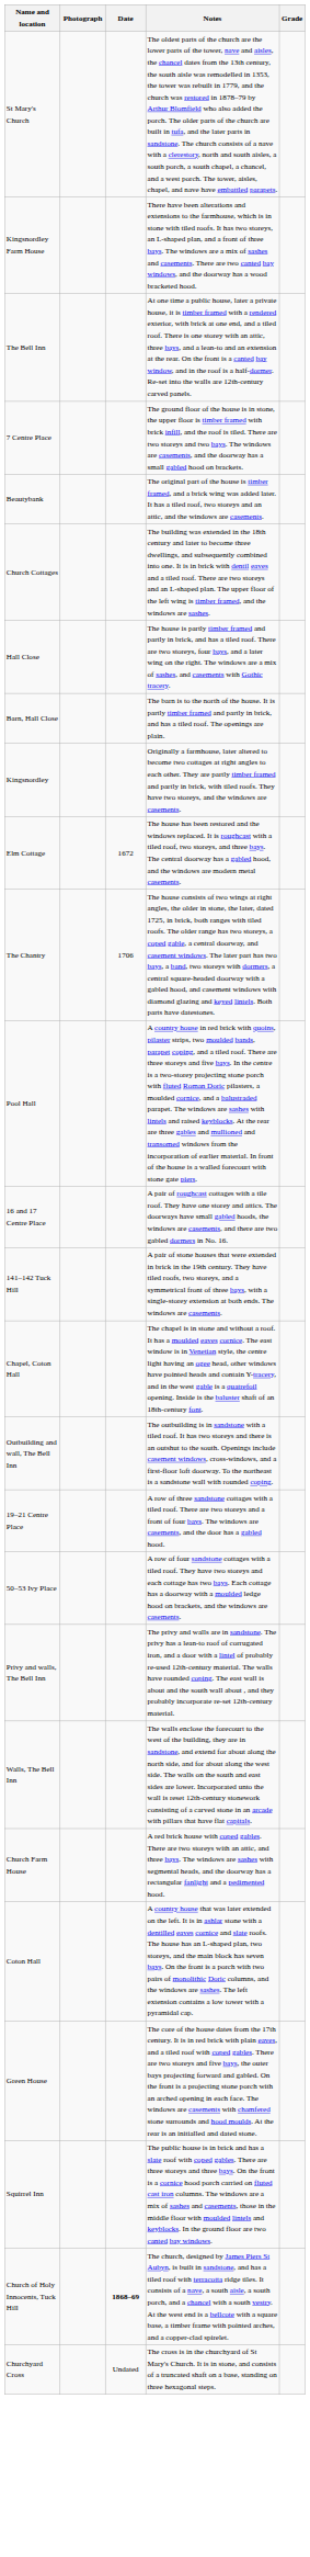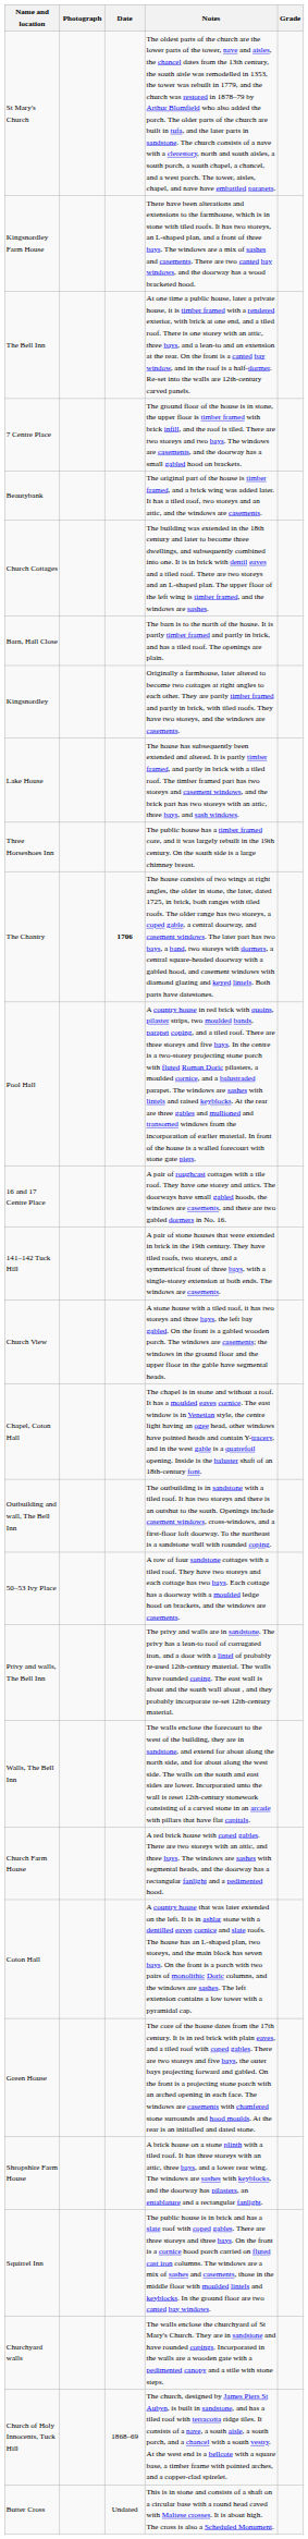 <table class="wikitable sortable plainrowheaders" style="width:100%; border:0; text-align:left; line-height:150%;">
 <tr>
 <th scope="col"  style="width:150px">Name and location</th>
 <th scope="col"  style="width:100px" class="unsortable">Photograph</th>
 <th scope="col"  style="width:120px">Date</th>
 <th scope="col"  style="width:650px" class="unsortable">Notes</th>
 <th scope="col"  style="width:50px">Grade</th>
 </tr>
 <tr>
 <td>St Mary's Church<br><small></small></td>
 <td></td>
 <td align="center"></td>
 <td>The oldest parts of the church are the lower parts of the tower, <a href='#'>nave</a> and <a href='#'>aisles</a>, the <a href='#'>chancel</a> dates from the 13th century, the south aisle was remodelled in 1353, the tower was rebuilt in 1779, and the church was <a href='#'>restored</a> in 1878–79 by <a href='#'>Arthur Blomfield</a> who also added the porch.  The older parts of the church are built in <a href='#'>tufa</a>, and the later parts in <a href='#'>sandstone</a>.  The church consists of a nave with a <a href='#'>clerestory</a>, north and south aisles, a south porch, a south chapel, a chancel, and a west porch.  The tower, aisles, chapel, and nave have <a href='#'>embattled</a> <a href='#'>parapets</a>.</td>
 <td align="center" ></td>
 </tr>
 <tr>
 <td>Kingsnordley Farm House<br><small></small></td>
 <td></td>
 <td align="center"></td>
 <td>There have been alterations and extensions to the farmhouse, which is in stone with tiled roofs.  It has two storeys, an L-shaped plan, and a front of three <a href='#'>bays</a>.  The windows are a mix of <a href='#'>sashes</a> and <a href='#'>casements</a>.  There are two <a href='#'>canted</a> <a href='#'>bay windows</a>, and the doorway has a wood bracketed hood.</td>
 <td align="center" ></td>
 </tr>
 <tr>
 <td>The Bell Inn<br><small></small></td>
 <td></td>
 <td align="center"></td>
 <td>At one time a public house, later a private house, it is <a href='#'>timber framed</a> with a <a href='#'>rendered</a> exterior, with brick at one end, and a tiled roof.  There is one storey with an attic, three <a href='#'>bays</a>, and a lean-to and an extension at the rear.  On the front is a <a href='#'>canted</a> <a href='#'>bay window</a>, and in the roof is a half-<a href='#'>dormer</a>.  Re-set into the walls are 12th-century carved panels.</td>
 <td align="center" ></td>
 </tr>
 <tr>
 <td>7 Centre Place<br><small></small></td>
 <td></td>
 <td align="center"></td>
 <td>The ground floor of the house is in stone, the upper floor is <a href='#'>timber framed</a> with brick <a href='#'>infill</a>, and the roof is tiled.  There are two storeys and two <a href='#'>bays</a>.  The windows are <a href='#'>casements</a>, and the doorway has a small <a href='#'>gabled</a> hood on brackets.</td>
 <td align="center" ></td>
 </tr>
 <tr>
 <td>Beautybank<br><small></small></td>
 <td></td>
 <td align="center"></td>
 <td>The original part of the house is <a href='#'>timber framed</a>, and a brick wing was added later.  It has a tiled roof, two storeys and an attic, and the windows are <a href='#'>casements</a>.</td>
 <td align="center" ></td>
 </tr>
 <tr>
 <td>Church Cottages<br><small></small></td>
 <td></td>
 <td align="center"></td>
 <td>The building was extended in the 18th century and later to become three dwellings, and subsequently combined into one.  It is in brick with <a href='#'>dentil</a> <a href='#'>eaves</a> and a tiled roof.  There are two storeys and an L-shaped plan.  The upper floor of the left wing is <a href='#'>timber framed</a>, and the windows are <a href='#'>sashes</a>.</td>
 <td align="center" ></td>
 </tr>
 <tr>
-<td>Hall Close<br><small></small></td>
-<td></td>
-<td align="center"></td>
-<td>The house is partly <a href='#'>timber framed</a> and partly in brick, and has a tiled roof.  There are two storeys, four <a href='#'>bays</a>, and a later wing on the right.  The windows are a mix of <a href='#'>sashes</a>, and <a href='#'>casements</a> with <a href='#'>Gothic</a> <a href='#'>tracery</a>.</td>
-<td align="center" ></td>
-</tr>
-<tr>
 <td>Barn, Hall Close<br><small></small></td>
 <td></td>
 <td align="center"></td>
 <td>The barn is to the north of the house.  It is partly <a href='#'>timber framed</a> and partly in brick, and has a tiled roof.  The openings are plain.</td>
 <td align="center" ></td>
 </tr>
 <tr>
 <td>Kingsnordley<br><small></small></td>
 <td></td>
 <td align="center"></td>
 <td>Originally a farmhouse, later altered to become two cottages at right angles to each other.  They are partly <a href='#'>timber framed</a> and partly in brick, with tiled roofs.  They have two storeys, and the windows are <a href='#'>casements</a>.</td>
 <td align="center" ></td>
 </tr>
 <tr>
-<td>Elm Cottage<br><small></small></td>
+<td>Lake House<br><small></small></td>
 <td></td>
-<td align="center">1672</td>
-<td>The house has been restored and the windows replaced.  It is <a href='#'>roughcast</a> with a tiled roof, two storeys, and three <a href='#'>bays</a>.  The central doorway has a <a href='#'>gabled</a> hood, and the windows are modern metal <a href='#'>casements</a>.</td>
+<td align="center"></td>
+<td>The house has subsequently been extended and altered.  It is partly <a href='#'>timber framed</a>, and partly in brick with a tiled roof.  The timber framed part has two storeys and <a href='#'>casement windows</a>, and the brick part has two storeys with an attic, three <a href='#'>bays</a>, and <a href='#'>sash windows</a>.</td>
+<td align="center" ></td>
+</tr>
+<tr>
+<td>Three Horseshoes Inn<br><small></small></td>
+<td></td>
+<td align="center"></td>
+<td>The public house has a <a href='#'>timber framed</a> core, and it was largely rebuilt in the 19th century.  On the south side is a large chimney breast.</td>
 <td align="center" ></td>
 </tr>
 <tr>
 <td>The Chantry<br><small></small></td>
 <td></td>
-<td align="center">1706</td>
+<td align="center"><strong>1706</strong></td>
 <td>The house consists of two wings at right angles, the older in stone, the later, dated 1725, in brick, both ranges with tiled roofs.  The older range has two storeys, a <a href='#'>coped</a> <a href='#'>gable</a>, a central doorway, and <a href='#'>casement windows</a>.  The later part has two <a href='#'>bays</a>, a <a href='#'>band</a>, two storeys with <a href='#'>dormers</a>, a central square-headed doorway with a gabled hood, and casement windows with diamond glazing and <a href='#'>keyed</a> <a href='#'>lintels</a>.  Both parts have datestones.</td>
 <td align="center" ></td>
 </tr>
 <tr>
 <td>Pool Hall<br><small></small></td>
 <td></td>
 <td align="center"></td>
 <td>A <a href='#'>country house</a> in red brick with <a href='#'>quoins</a>, <a href='#'>pilaster</a> strips, two <a href='#'>moulded</a> <a href='#'>bands</a>, <a href='#'>parapet</a> <a href='#'>coping</a>, and a tiled roof.  There are three storeys and five <a href='#'>bays</a>.  In the centre is a two-storey projecting stone porch with <a href='#'>fluted</a> <a href='#'>Roman Doric</a> pilasters, a moulded <a href='#'>cornice</a>, and a <a href='#'>balustraded</a> parapet.  The windows are <a href='#'>sashes</a> with <a href='#'>lintels</a> and raised <a href='#'>keyblocks</a>.  At the rear are three <a href='#'>gables</a> and <a href='#'>mullioned</a> and <a href='#'>transomed</a> windows from the incorporation of earlier material.  In front of the house is a walled forecourt with stone gate <a href='#'>piers</a>.</td>
 <td align="center" ></td>
 </tr>
 <tr>
 <td>16 and 17 Centre Place<br><small></small></td>
 <td></td>
 <td align="center"></td>
 <td>A pair of <a href='#'>roughcast</a> cottages with a tile roof.  They have one storey and attics.  The doorways have small <a href='#'>gabled</a> hoods, the windows are <a href='#'>casements</a>, and there are two gabled <a href='#'>dormers</a> in No. 16.</td>
 <td align="center" ></td>
 </tr>
 <tr>
 <td>141–142 Tuck Hill<br><small></small></td>
 <td></td>
 <td align="center"></td>
 <td>A pair of stone houses that were extended in brick in the 19th century.  They have tiled roofs, two storeys, and a symmetrical front of three <a href='#'>bays</a>, with a single-storey extension at both ends.  The windows are <a href='#'>casements</a>.</td>
 <td align="center" ></td>
 </tr>
 <tr>
+<td>Church View<br><small></small></td>
+<td></td>
+<td align="center"></td>
+<td>A stone house with a tiled roof, it has two storeys and three <a href='#'>bays</a>, the left bay <a href='#'>gabled</a>.  On the front is a gabled wooden porch.  The windows are <a href='#'>casements</a>; the windows in the ground floor and the upper floor in the gable have segmental heads.</td>
+<td align="center" ></td>
+</tr>
+<tr>
 <td>Chapel, Coton Hall<br><small></small></td>
 <td></td>
 <td align="center"></td>
 <td>The chapel is in stone and without a roof. It has a <a href='#'>moulded</a> <a href='#'>eaves</a> <a href='#'>cornice</a>.  The east window is in <a href='#'>Venetian</a> style, the centre light having an <a href='#'>ogee</a> head, other windows have pointed heads and contain Y-<a href='#'>tracery</a>, and in the west <a href='#'>gable</a> is a <a href='#'>quatrefoil</a> opening.  Inside is the <a href='#'>baluster</a> shaft of an 18th-century <a href='#'>font</a>.</td>
 <td align="center" ></td>
 </tr>
 <tr>
 <td>Outbuilding and wall, The Bell Inn<br><small></small></td>
 <td></td>
 <td align="center"></td>
 <td>The outbuilding is in <a href='#'>sandstone</a> with a tiled roof.  It has two storeys and there is an outshut to the south.  Openings include <a href='#'>casement windows</a>, cross-windows, and a first-floor loft doorway.  To the northeast is a sandstone wall with rounded <a href='#'>coping</a>.</td>
-<td align="center" ></td>
-</tr>
-<tr>
-<td>19–21 Centre Place<br><small></small></td>
-<td></td>
-<td align="center"></td>
-<td>A row of three <a href='#'>sandstone</a> cottages with a tiled roof.  There are two storeys and a front of four <a href='#'>bays</a>.  The windows are <a href='#'>casements</a>, and the door has a <a href='#'>gabled</a> hood.</td>
 <td align="center" ></td>
 </tr>
 <tr>
 <td>50–53 Ivy Place<br><small></small></td>
 <td></td>
 <td align="center"></td>
 <td>A row of four <a href='#'>sandstone</a> cottages with a tiled roof.  They have two storeys and each cottage has two <a href='#'>bays</a>.  Each cottage has a doorway with a <a href='#'>moulded</a> ledge hood on brackets, and the windows are <a href='#'>casements</a>.</td>
 <td align="center" ></td>
 </tr>
 <tr>
 <td>Privy and walls, The Bell Inn<br><small></small></td>
 <td></td>
 <td align="center"></td>
 <td>The privy and walls are in <a href='#'>sandstone</a>.  The privy has a lean-to roof of corrugated iron, and a door with a <a href='#'>lintel</a> of probably re-used 12th-century material.  The walls have rounded <a href='#'>coping</a>.  The east wall is about  and the south wall about , and they probably incorporate re-set 12th-century material.</td>
 <td align="center" ></td>
 </tr>
 <tr>
 <td>Walls, The Bell Inn<br><small></small></td>
 <td></td>
 <td align="center"></td>
 <td>The walls enclose the forecourt to the west of the building, they are in <a href='#'>sandstone</a>, and extend for about  along the north side, and for about  along the west side.  The walls on the south and east sides are lower.  Incorporated unto the wall is reset 12th-century stonework consisting of a carved stone in an <a href='#'>arcade</a> with pillars that have flat <a href='#'>capitals</a>.</td>
 <td align="center" ></td>
 </tr>
 <tr>
 <td>Church Farm House<br><small></small></td>
 <td></td>
 <td align="center"></td>
 <td>A red brick house with <a href='#'>coped</a> <a href='#'>gables</a>.  There are two storeys with an attic, and three <a href='#'>bays</a>.  The windows are <a href='#'>sashes</a> with segmental heads, and the doorway has a rectangular <a href='#'>fanlight</a> and a <a href='#'>pedimented</a> hood.</td>
 <td align="center" ></td>
 </tr>
 <tr>
 <td>Coton Hall<br><small></small></td>
 <td></td>
 <td align="center"></td>
 <td>A <a href='#'>country house</a> that was later extended on the left.  It is in <a href='#'>ashlar</a> stone with a <a href='#'>dentilled</a> <a href='#'>eaves</a> <a href='#'>cornice</a> and <a href='#'>slate</a> roofs.  The house has an L-shaped plan, two storeys, and the main block has seven <a href='#'>bays</a>.  On the front is a porch with two pairs of <a href='#'>monolithic</a> <a href='#'>Doric</a> columns, and the windows are <a href='#'>sashes</a>.  The left extension contains a low tower with a pyramidal cap.</td>
 <td align="center" ></td>
 </tr>
 <tr>
 <td>Green House<br><small></small></td>
 <td></td>
 <td align="center"></td>
 <td>The core of the house dates from the 17th century.  It is in red brick with plain <a href='#'>eaves</a>, and a tiled roof with <a href='#'>coped</a> <a href='#'>gables</a>.  There are two storeys and five <a href='#'>bays</a>, the outer bays projecting forward and gabled.  On the front is a projecting stone porch with an arched opening in each face.  The windows are <a href='#'>casements</a> with <a href='#'>chamfered</a> stone surrounds and <a href='#'>hood moulds</a>.  At the rear is an initialled and dated stone.</td>
 <td align="center" ></td>
 </tr>
 <tr>
+<td>Shropshire Farm House<br><small></small></td>
+<td></td>
+<td align="center"></td>
+<td>A brick house on a stone <a href='#'>plinth</a> with a tiled roof.  It has three storeys with an attic, three <a href='#'>bays</a>, and a lower rear wing.  The windows are <a href='#'>sashes</a> with <a href='#'>keyblocks</a>, and the doorway has <a href='#'>pilasters</a>, an <a href='#'>entablature</a> and a rectangular <a href='#'>fanlight</a>.</td>
+<td align="center" ></td>
+</tr>
+<tr>
 <td>Squirrel Inn<br><small></small></td>
 <td></td>
 <td align="center"></td>
 <td>The public house is in brick and has a <a href='#'>slate</a> roof with <a href='#'>coped</a> <a href='#'>gables</a>.  There are three storeys and three <a href='#'>bays</a>.  On the front is a <a href='#'>cornice</a> hood porch carried on <a href='#'>fluted</a> <a href='#'>cast iron</a> columns.  The windows are a mix of <a href='#'>sashes</a> and <a href='#'>casements</a>, those in the middle floor with <a href='#'>moulded</a> <a href='#'>lintels</a> and <a href='#'>keyblocks</a>.  In the ground floor are two <a href='#'>canted</a> <a href='#'>bay windows</a>.</td>
 <td align="center" ></td>
 </tr>
 <tr>
+<td>Churchyard walls<br><small></small></td>
+<td></td>
+<td align="center"></td>
+<td>The walls enclose the churchyard of St Mary's Church.  They are in <a href='#'>sandstone</a> and have rounded <a href='#'>copings</a>.  Incorporated in the walls are a wooden gate with a <a href='#'>pedimented</a> <a href='#'>canopy</a> and a stile with stone steps.</td>
+<td align="center" ></td>
+</tr>
+<tr>
 <td>Church of Holy Innocents, Tuck Hill<br><small></small></td>
 <td></td>
-<td align="center"><strong>1868–69</strong></td>
+<td align="center">1868–69</td>
 <td>The church, designed by <a href='#'>James Piers St Aubyn</a>, is built in <a href='#'>sandstone</a>, and has a tiled roof with <a href='#'>terracotta</a> ridge tiles.  It consists of a <a href='#'>nave</a>, a south <a href='#'>aisle</a>, a south porch, and a <a href='#'>chancel</a> with a south <a href='#'>vestry</a>.  At the west end is a <a href='#'>bellcote</a> with a square base, a timber frame with pointed arches, and a copper-clad spirelet.</td>
 <td align="center" ></td>
 </tr>
 <tr>
-<td>Churchyard Cross<br><small></small></td>
+<td>Butter Cross<br><small></small></td>
 <td></td>
 <td align="center">Undated</td>
-<td>The cross is in the churchyard of St Mary's Church.  It is in stone, and consists of a truncated shaft on a base, standing on three hexagonal steps.</td>
+<td>This is in stone and consists of a shaft on a circular base with a round head caved with <a href='#'>Maltese crosses</a>.  It is about  high.  The cross is also a <a href='#'>Scheduled Monument</a>.</td>
 <td align="center" ></td>
 </tr>
 <tr>
 </tr>
 </table>
